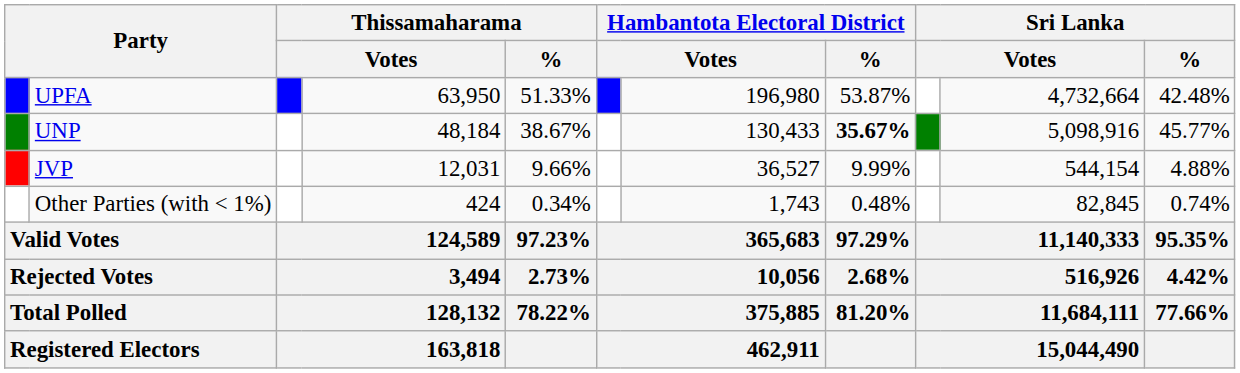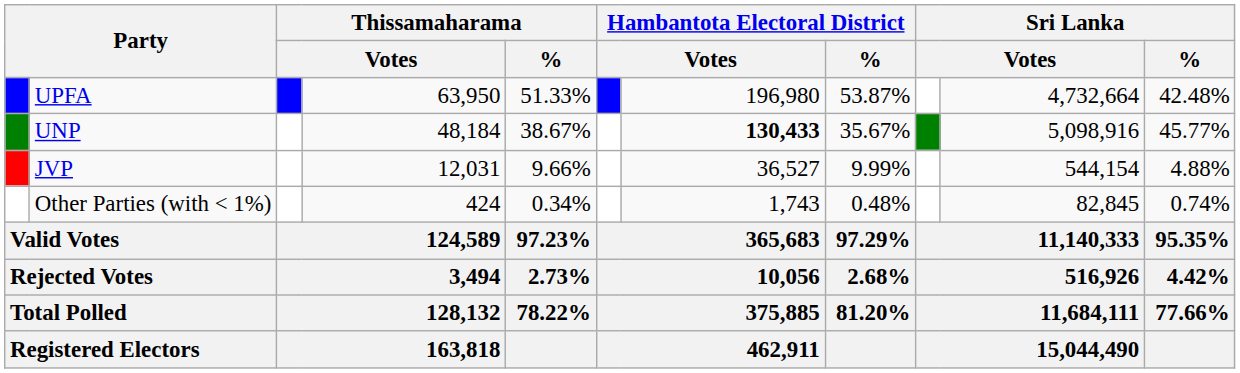 <table class="wikitable">
 <tr>
 <th colspan="2" width="144px"rowspan="2">Party</th>
 <th colspan="3" width="216px">Thissamaharama</th>
 <th colspan="3" width="216px"><a href='#'>Hambantota Electoral District</a></th>
 <th colspan="3" width="216px">Sri Lanka</th>
 </tr>
 <tr>
 <th colspan="2" width="144px">Votes</th>
 <th>%</th>
 <th colspan="2" width="144px">Votes</th>
 <th>%</th>
 <th colspan="2" width="144px">Votes</th>
 <th>%</th>
 </tr>
 <tr>
 <td style="background-color:blue;" width="10px"></td>
 <td style="text-align:left;"><a href='#'>UPFA</a></td>
 <td style="background-color:blue;" width="10px"></td>
 <td style="text-align:right;">63,950</td>
 <td style="text-align:right;">51.33%</td>
 <td style="background-color:blue;" width="10px"></td>
 <td style="text-align:right;">196,980</td>
 <td style="text-align:right;">53.87%</td>
 <td style="background-color:white;" width="10px"></td>
 <td style="text-align:right;">4,732,664</td>
 <td style="text-align:right;">42.48%</td>
 </tr>
 <tr>
 <td style="background-color:green;" width="10px"></td>
 <td style="text-align:left;"><a href='#'>UNP</a></td>
 <td style="background-color:white;" width="10px"></td>
 <td style="text-align:right;">48,184</td>
 <td style="text-align:right;">38.67%</td>
 <td style="background-color:white;" width="10px"></td>
-<td style="text-align:right;">130,433</td>
-<td style="text-align:right;"><strong>35.67%</strong></td>
+<td style="text-align:right;"><strong>130,433</strong></td>
+<td style="text-align:right;">35.67%</td>
 <td style="background-color:green;" width="10px"></td>
 <td style="text-align:right;">5,098,916</td>
 <td style="text-align:right;">45.77%</td>
 </tr>
 <tr>
 <td style="background-color:red;" width="10px"></td>
 <td style="text-align:left;"><a href='#'>JVP</a></td>
 <td style="background-color:white;" width="10px"></td>
 <td style="text-align:right;">12,031</td>
 <td style="text-align:right;">9.66%</td>
 <td style="background-color:white;" width="10px"></td>
 <td style="text-align:right;">36,527</td>
 <td style="text-align:right;">9.99%</td>
 <td style="background-color:white;" width="10px"></td>
 <td style="text-align:right;">544,154</td>
 <td style="text-align:right;">4.88%</td>
 </tr>
 <tr>
 <td style="background-color:white;" width="10px"></td>
 <td style="text-align:left;">Other Parties (with < 1%)</td>
 <td style="background-color:white;" width="10px"></td>
 <td style="text-align:right;">424</td>
 <td style="text-align:right;">0.34%</td>
 <td style="background-color:white;" width="10px"></td>
 <td style="text-align:right;">1,743</td>
 <td style="text-align:right;">0.48%</td>
 <td style="background-color:white;" width="10px"></td>
 <td style="text-align:right;">82,845</td>
 <td style="text-align:right;">0.74%</td>
 </tr>
 <tr>
 <th colspan="2" width="144px"style="text-align:left;">Valid Votes</th>
 <th style="text-align:right;"colspan="2" width="144px">124,589</th>
 <th style="text-align:right;">97.23%</th>
 <th style="text-align:right;"colspan="2" width="144px">365,683</th>
 <th style="text-align:right;">97.29%</th>
 <th style="text-align:right;"colspan="2" width="144px">11,140,333</th>
 <th style="text-align:right;">95.35%</th>
 </tr>
 <tr>
 <th colspan="2" width="144px"style="text-align:left;">Rejected Votes</th>
 <th style="text-align:right;"colspan="2" width="144px">3,494</th>
 <th style="text-align:right;">2.73%</th>
 <th style="text-align:right;"colspan="2" width="144px">10,056</th>
 <th style="text-align:right;">2.68%</th>
 <th style="text-align:right;"colspan="2" width="144px">516,926</th>
 <th style="text-align:right;">4.42%</th>
 </tr>
 <tr>
 <th colspan="2" width="144px"style="text-align:left;">Total Polled</th>
 <th style="text-align:right;"colspan="2" width="144px">128,132</th>
 <th style="text-align:right;">78.22%</th>
 <th style="text-align:right;"colspan="2" width="144px">375,885</th>
 <th style="text-align:right;">81.20%</th>
 <th style="text-align:right;"colspan="2" width="144px">11,684,111</th>
 <th style="text-align:right;">77.66%</th>
 </tr>
 <tr>
 <th colspan="2" width="144px"style="text-align:left;">Registered Electors</th>
 <th style="text-align:right;"colspan="2" width="144px">163,818</th>
 <th></th>
 <th style="text-align:right;"colspan="2" width="144px">462,911</th>
 <th></th>
 <th style="text-align:right;"colspan="2" width="144px">15,044,490</th>
 <th></th>
 </tr>
 </table>
